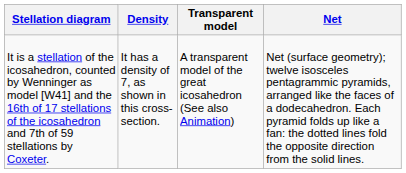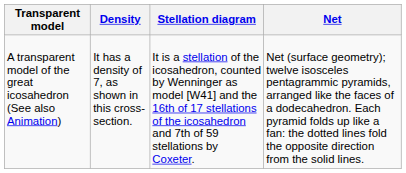 <table class="wikitable" width=560>
 <tr>
+<th>Transparent model</th>
+<th><a href='#'>Density</a></th>
 <th><a href='#'>Stellation diagram</a></th>
-<th><a href='#'>Density</a></th>
-<th>Transparent model</th>
 <th><a href='#'>Net</a></th>
 </tr>
 <tr valign=top>
+<td><br>A transparent model of the great icosahedron (See also <a href='#'>Animation</a>)</td>
+<td><br>It has a density of 7, as shown in this cross-section.</td>
 <td><br>It is a <a href='#'>stellation</a> of the icosahedron, counted by Wenninger as model [W41] and the <a href='#'>16th of 17 stellations of the icosahedron</a> and 7th of 59 stellations by <a href='#'>Coxeter</a>.</td>
-<td><br>It has a density of 7, as shown in this cross-section.</td>
-<td><br>A transparent model of the great icosahedron (See also <a href='#'>Animation</a>)</td>
 <td><br>Net (surface geometry); twelve isosceles pentagrammic pyramids, arranged like the faces of a dodecahedron. Each pyramid folds up like a fan: the dotted lines fold the opposite direction from the solid lines.</td>
 </tr>
 </table>
